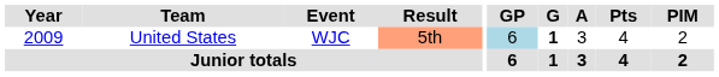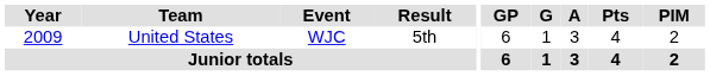 <table border="0" cellpadding="1" cellspacing="0" ID="Table3" style="text-align:center; width:40em">
 <tr bgcolor="#e0e0e0">
 <th>Year</th>
 <th>Team</th>
 <th>Event</th>
 <th>Result</th>
 <th rowspan="99" bgcolor="#ffffff"></th>
 <th>GP</th>
 <th>G</th>
 <th>A</th>
 <th>Pts</th>
 <th>PIM</th>
 </tr>
 <tr>
 <td><a href='#'>2009</a></td>
 <td><a href='#'>United States</a></td>
 <td><a href='#'>WJC</a></td>
-<td style="background: lightsalmon;">5th</td>
-<td style="background: lightblue;">6</td>
-<td><strong>1</strong></td>
+<td>5th</td>
+<td>6</td>
+<td>1</td>
 <td>3</td>
 <td>4</td>
 <td>2</td>
 </tr>
 <tr bgcolor="#e0e0e0">
 <th colspan=4>Junior totals</th>
 <th>6</th>
 <th>1</th>
 <th>3</th>
 <th>4</th>
 <th>2</th>
 </tr>
 </table>
